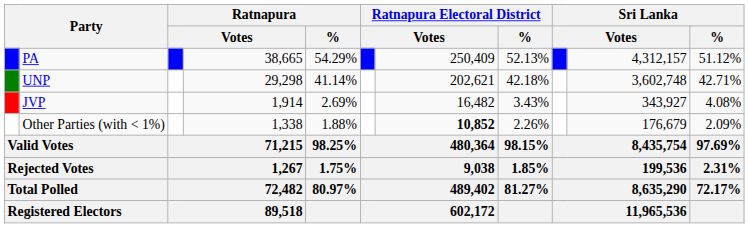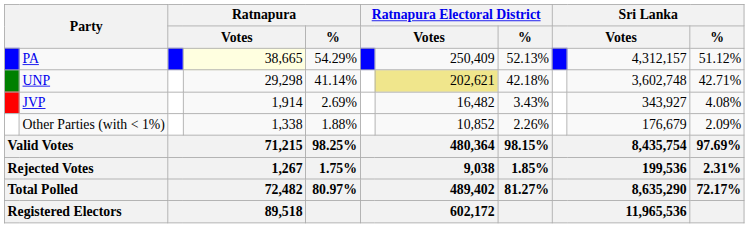 <table class="wikitable">
 <tr>
 <th colspan="2" width="144px"rowspan="2">Party</th>
 <th colspan="3" width="216px">Ratnapura</th>
 <th colspan="3" width="216px"><a href='#'>Ratnapura Electoral District</a></th>
 <th colspan="3" width="216px">Sri Lanka</th>
 </tr>
 <tr>
 <th colspan="2" width="144px">Votes</th>
 <th>%</th>
 <th colspan="2" width="144px">Votes</th>
 <th>%</th>
 <th colspan="2" width="144px">Votes</th>
 <th>%</th>
 </tr>
 <tr>
 <td style="background-color:blue;" width="10px"></td>
 <td style="text-align:left;"><a href='#'>PA</a></td>
 <td style="background-color:blue;" width="10px"></td>
-<td style="text-align:right;">38,665</td>
+<td style="background: lightyellow; text-align:right;">38,665</td>
 <td style="text-align:right;">54.29%</td>
 <td style="background-color:blue;" width="10px"></td>
 <td style="text-align:right;">250,409</td>
 <td style="text-align:right;">52.13%</td>
 <td style="background-color:blue;" width="10px"></td>
 <td style="text-align:right;">4,312,157</td>
 <td style="text-align:right;">51.12%</td>
 </tr>
 <tr>
 <td style="background-color:green;" width="10px"></td>
 <td style="text-align:left;"><a href='#'>UNP</a></td>
 <td style="background-color:white;" width="10px"></td>
 <td style="text-align:right;">29,298</td>
 <td style="text-align:right;">41.14%</td>
 <td style="background-color:white;" width="10px"></td>
-<td style="text-align:right;">202,621</td>
+<td style="background: khaki; text-align:right;">202,621</td>
 <td style="text-align:right;">42.18%</td>
 <td style="background-color:white;" width="10px"></td>
 <td style="text-align:right;">3,602,748</td>
 <td style="text-align:right;">42.71%</td>
 </tr>
 <tr>
 <td style="background-color:red;" width="10px"></td>
 <td style="text-align:left;"><a href='#'>JVP</a></td>
 <td style="background-color:white;" width="10px"></td>
 <td style="text-align:right;">1,914</td>
 <td style="text-align:right;">2.69%</td>
 <td style="background-color:white;" width="10px"></td>
 <td style="text-align:right;">16,482</td>
 <td style="text-align:right;">3.43%</td>
 <td style="background-color:white;" width="10px"></td>
 <td style="text-align:right;">343,927</td>
 <td style="text-align:right;">4.08%</td>
 </tr>
 <tr>
 <td style="background-color:white;" width="10px"></td>
 <td style="text-align:left;">Other Parties (with < 1%)</td>
 <td style="background-color:white;" width="10px"></td>
 <td style="text-align:right;">1,338</td>
 <td style="text-align:right;">1.88%</td>
 <td style="background-color:white;" width="10px"></td>
-<td style="text-align:right;"><strong>10,852</strong></td>
+<td style="text-align:right;">10,852</td>
 <td style="text-align:right;">2.26%</td>
 <td style="background-color:white;" width="10px"></td>
 <td style="text-align:right;">176,679</td>
 <td style="text-align:right;">2.09%</td>
 </tr>
 <tr>
 <th colspan="2" width="144px"style="text-align:left;">Valid Votes</th>
 <th style="text-align:right;"colspan="2" width="144px">71,215</th>
 <th style="text-align:right;">98.25%</th>
 <th style="text-align:right;"colspan="2" width="144px">480,364</th>
 <th style="text-align:right;">98.15%</th>
 <th style="text-align:right;"colspan="2" width="144px">8,435,754</th>
 <th style="text-align:right;">97.69%</th>
 </tr>
 <tr>
 <th colspan="2" width="144px"style="text-align:left;">Rejected Votes</th>
 <th style="text-align:right;"colspan="2" width="144px">1,267</th>
 <th style="text-align:right;">1.75%</th>
 <th style="text-align:right;"colspan="2" width="144px">9,038</th>
 <th style="text-align:right;">1.85%</th>
 <th style="text-align:right;"colspan="2" width="144px">199,536</th>
 <th style="text-align:right;">2.31%</th>
 </tr>
 <tr>
 <th colspan="2" width="144px"style="text-align:left;">Total Polled</th>
 <th style="text-align:right;"colspan="2" width="144px">72,482</th>
 <th style="text-align:right;">80.97%</th>
 <th style="text-align:right;"colspan="2" width="144px">489,402</th>
 <th style="text-align:right;">81.27%</th>
 <th style="text-align:right;"colspan="2" width="144px">8,635,290</th>
 <th style="text-align:right;">72.17%</th>
 </tr>
 <tr>
 <th colspan="2" width="144px"style="text-align:left;">Registered Electors</th>
 <th style="text-align:right;"colspan="2" width="144px">89,518</th>
 <th></th>
 <th style="text-align:right;"colspan="2" width="144px">602,172</th>
 <th></th>
 <th style="text-align:right;"colspan="2" width="144px">11,965,536</th>
 <th></th>
 </tr>
 </table>
